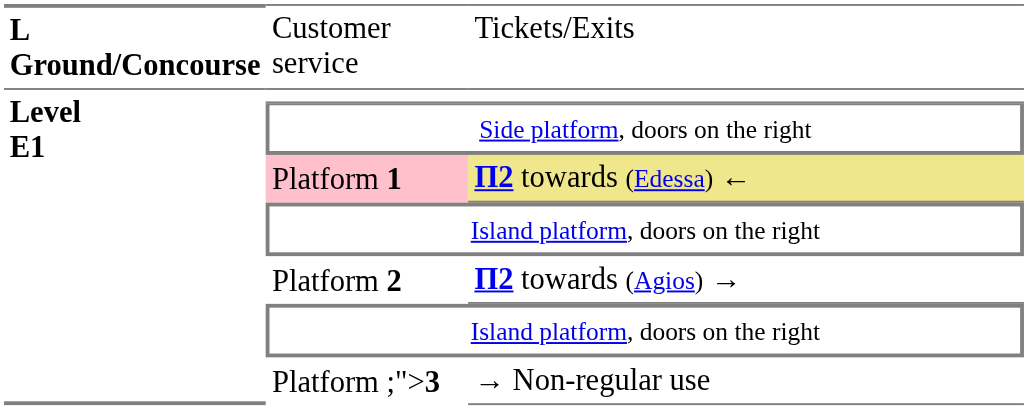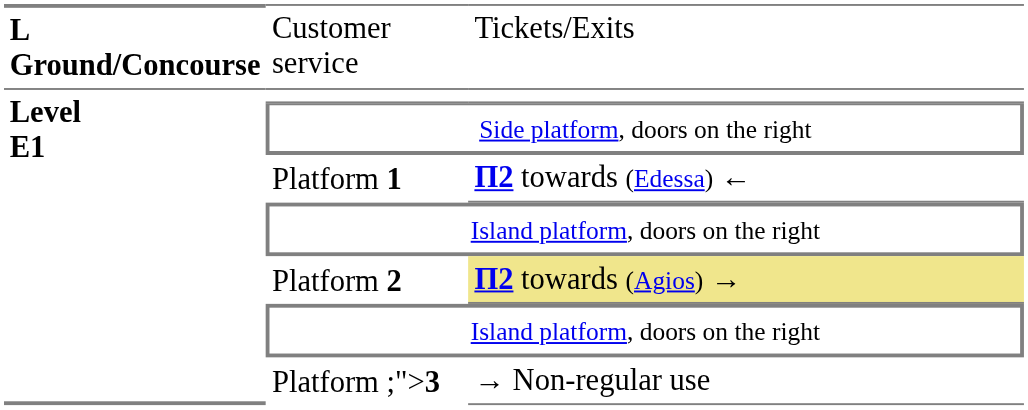 <table table border=0 cellspacing=0 cellpadding=3>
 <tr>
 <td style="border-bottom:solid 1px gray;border-top:solid 2px gray;" width=50 valign=top><strong>L<br>Ground/Concourse</strong></td>
 <td style="border-top:solid 1px gray;border-bottom:solid 1px gray;" width=100 valign=top>Customer service</td>
 <td style="border-top:solid 1px gray;border-bottom:solid 1px gray;" width=285 valign=top>Tickets/Exits</td>
 </tr>
 <tr>
 <td style="border-bottom:solid 2px gray;" rowspan=15 valign=top><strong>Level<br>Ε1</strong></td>
 <td style="border-bottom:solid 1px gray;"></td>
 <td style="border-bottom:solid 1px gray;"></td>
 </tr>
 <tr>
 <td style="border-top:solid 1px gray;border-right:solid 2px gray;border-left:solid 2px gray;border-bottom:solid 2px gray;text-align:center;" colspan=2><small><a href='#'>Side platform</a>, doors on the right</small></td>
 </tr>
 <tr>
-<td style="background: pink;">Platform <span><strong>1</strong></span></td>
-<td style="background: khaki; border-bottom:solid 1px gray;"><span><a href='#'><span><strong>Π2</strong></span></a></span>  towards  <small>(<a href='#'>Edessa</a>)</small> ←</td>
+<td>Platform <span><strong>1</strong></span></td>
+<td style="border-bottom:solid 1px gray;"><span><a href='#'><span><strong>Π2</strong></span></a></span>  towards  <small>(<a href='#'>Edessa</a>)</small> ←</td>
 </tr>
 <tr>
 <td style="border-top:solid 2px gray;border-right:solid 2px gray;border-left:solid 2px gray;border-bottom:solid 2px gray;text-align:center;" colspan=2><small><a href='#'>Island platform</a>, doors on the right</small></td>
 </tr>
 <tr>
 <td>Platform <span><strong>2</strong></span></td>
-<td style="border-bottom:solid 1px gray;"><span><a href='#'><span><strong>Π2</strong></span></a></span>  towards  <small>(<a href='#'>Agios</a>)</small> →</td>
+<td style="background: khaki; border-bottom:solid 1px gray;"><span><a href='#'><span><strong>Π2</strong></span></a></span>  towards  <small>(<a href='#'>Agios</a>)</small> →</td>
 </tr>
 <tr>
 <td style="border-top:solid 2px gray;border-right:solid 2px gray;border-left:solid 2px gray;border-bottom:solid 2px gray;text-align:center;" colspan=2><small><a href='#'>Island platform</a>, doors on the right</small></td>
 </tr>
 <tr>
 <td>Platform <span>;"><strong>3</strong></span></td>
 <td style="border-bottom:solid 1px gray;"><span>→</span> Non-regular use</td>
 <td></td>
 </tr>
 </table>
